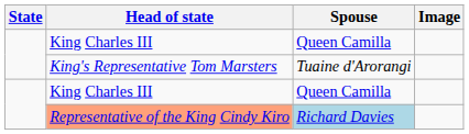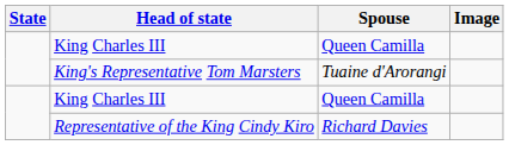 <table class="sortable wikitable">
 <tr>
 <th><a href='#'>State</a></th>
 <th><a href='#'>Head of state</a></th>
 <th>Spouse</th>
 <th>Image</th>
 </tr>
 <tr>
 <td rowspan=2></td>
 <td><a href='#'>King</a> <a href='#'>Charles III</a></td>
 <td><a href='#'>Queen Camilla</a></td>
 <td></td>
 </tr>
 <tr>
 <td><em><a href='#'>King's Representative</a> <a href='#'>Tom Marsters</a></em></td>
 <td><em>Tuaine d'Arorangi</em></td>
 <td></td>
 </tr>
 <tr>
 <td rowspan=2></td>
 <td><a href='#'>King</a> <a href='#'>Charles III</a></td>
 <td><a href='#'>Queen Camilla</a></td>
 <td></td>
 </tr>
 <tr>
-<td style="background: lightsalmon;"><em><a href='#'>Representative of the King</a> <a href='#'>Cindy Kiro</a></em></td>
-<td style="background: lightblue;"><em><a href='#'>Richard Davies</a></em></td>
+<td><em><a href='#'>Representative of the King</a> <a href='#'>Cindy Kiro</a></em></td>
+<td><em><a href='#'>Richard Davies</a></em></td>
 <td></td>
 </tr>
 </table>
